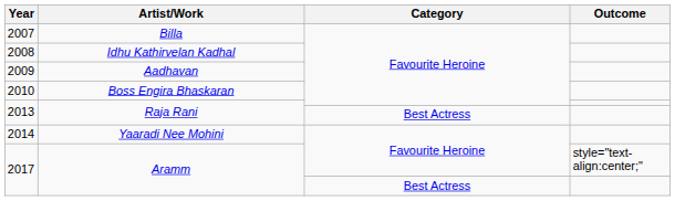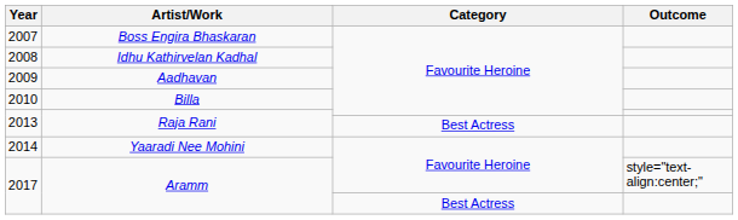 <table id=Vijay class="wikitable static-row-numbers" style="width:70%;">
 <tr>
 <th width=5%>Year</th>
 <th style="width:40%;">Artist/Work</th>
 <th style="width:40%;">Category</th>
 <th style="width:15%;">Outcome</th>
 </tr>
 <tr>
 <td style="text-align:left;">2007</td>
-<td style="text-align:center;"><em> <a href='#'>Billa</a></em></td>
+<td style="text-align:center;"><em><a href='#'>Boss Engira Bhaskaran</a></em></td>
 <td rowspan="5" style="text-align:center;"><a href='#'>Favourite Heroine</a></td>
 <td></td>
 </tr>
 <tr>
 <td style="text-align:left;">2008</td>
 <td style="text-align:center;"><em><a href='#'>Idhu Kathirvelan Kadhal</a></em></td>
 <td></td>
 </tr>
 <tr>
 <td style="text-align:left;">2009</td>
 <td style="text-align:center;"><em><a href='#'>Aadhavan</a></em></td>
 <td></td>
 </tr>
 <tr>
 <td style="text-align:left;">2010</td>
-<td style="text-align:center;"><em><a href='#'>Boss Engira Bhaskaran</a></em></td>
+<td style="text-align:center;"><em> <a href='#'>Billa</a></em></td>
 <td></td>
 </tr>
 <tr>
 <td rowspan="2" style="text-align:left;">2013</td>
 <td rowspan="2" style="text-align:center;"><em><a href='#'>Raja Rani</a></em></td>
 <td></td>
 </tr>
 <tr>
 <td style="text-align:center;"><a href='#'>Best Actress</a></td>
 <td></td>
 </tr>
 <tr>
 <td style="text-align:left;">2014</td>
 <td style="text-align:center;"><em><a href='#'>Yaaradi Nee Mohini</a></em></td>
 <td rowspan="2" style="text-align:center;"><a href='#'>Favourite Heroine</a></td>
 <td></td>
 </tr>
 <tr>
 <td rowspan="2" style="text-align:left;">2017</td>
 <td rowspan="2" style="text-align:center;"><em><a href='#'>Aramm</a></em></td>
 <td>style="text-align:center;" </td>
 </tr>
 <tr>
 <td style="text-align:center;"><a href='#'>Best Actress</a></td>
 <td></td>
 </tr>
 </table>
